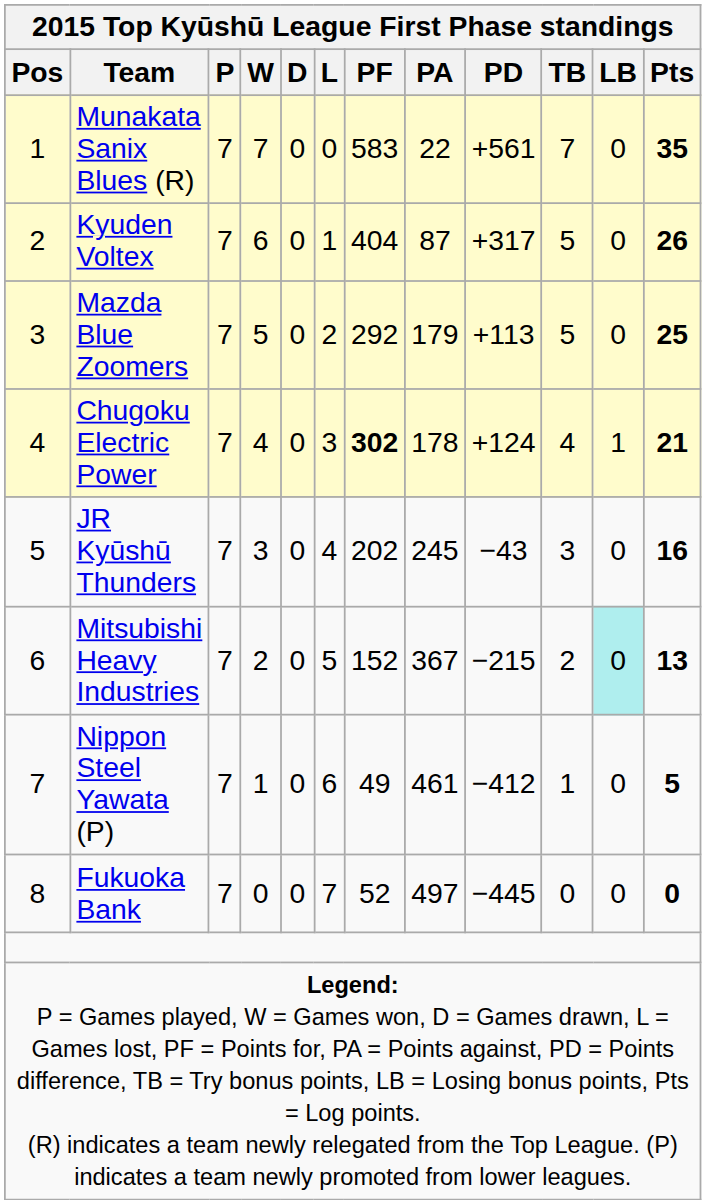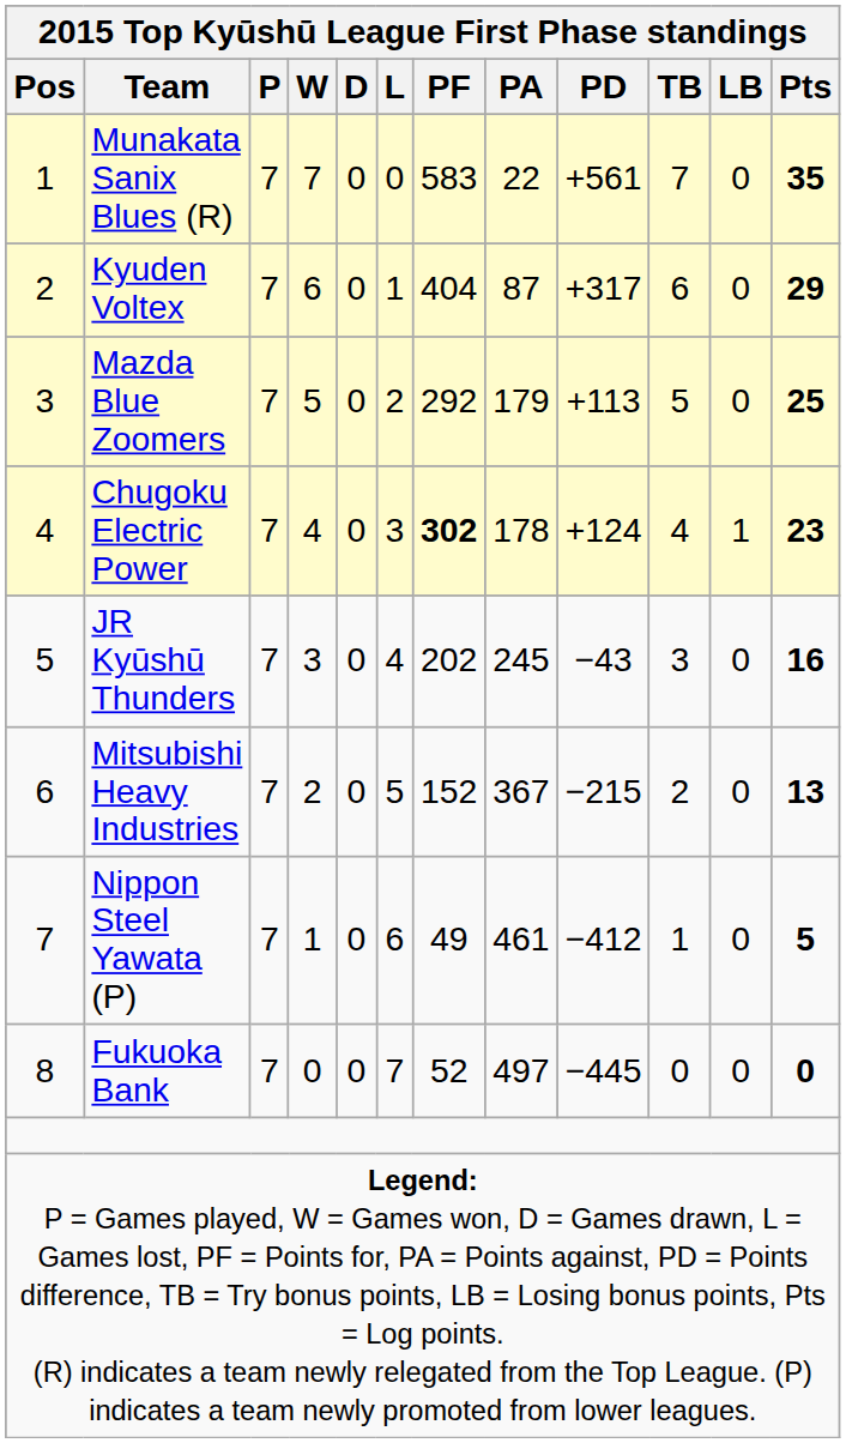 <table class="wikitable" style="text-align:center; font-size:100%; width:60%;">
 <tr>
 <th colspan="100%" cellpadding="0" cellspacing="0"><strong>2015 Top Kyūshū League First Phase standings</strong></th>
 </tr>
 <tr>
 <th style="width:6%;">Pos</th>
 <th style="width:34%;">Team</th>
 <th style="width:6%;">P</th>
 <th style="width:6%;">W</th>
 <th style="width:6%;">D</th>
 <th style="width:6%;">L</th>
 <th style="width:6%;">PF</th>
 <th style="width:6%;">PA</th>
 <th style="width:6%;">PD</th>
 <th style="width:6%;">TB</th>
 <th style="width:6%;">LB</th>
 <th style="width:6%;">Pts<br></th>
 </tr>
 <tr style="background:#FFFCCC;">
 <td>1</td>
 <td style="text-align:left;"><a href='#'>Munakata Sanix Blues</a> (R)</td>
 <td>7</td>
 <td>7</td>
 <td>0</td>
 <td>0</td>
 <td>583</td>
 <td>22</td>
 <td>+561</td>
 <td>7</td>
 <td>0</td>
 <td><strong>35</strong></td>
 </tr>
 <tr style="background:#FFFCCC;">
 <td>2</td>
 <td style="text-align:left;"><a href='#'>Kyuden Voltex</a></td>
 <td>7</td>
 <td>6</td>
 <td>0</td>
 <td>1</td>
 <td>404</td>
 <td>87</td>
 <td>+317</td>
-<td>5</td>
+<td>6</td>
 <td>0</td>
-<td><strong>26</strong></td>
+<td><strong>29</strong></td>
 </tr>
 <tr style="background:#FFFCCC;">
 <td>3</td>
 <td style="text-align:left;"><a href='#'>Mazda Blue Zoomers</a></td>
 <td>7</td>
 <td>5</td>
 <td>0</td>
 <td>2</td>
 <td>292</td>
 <td>179</td>
 <td>+113</td>
 <td>5</td>
 <td>0</td>
 <td><strong>25</strong></td>
 </tr>
 <tr style="background:#FFFCCC;">
 <td>4</td>
 <td style="text-align:left;"><a href='#'>Chugoku Electric Power</a></td>
 <td>7</td>
 <td>4</td>
 <td>0</td>
 <td>3</td>
 <td><strong>302</strong></td>
 <td>178</td>
 <td>+124</td>
 <td>4</td>
 <td>1</td>
-<td><strong>21</strong></td>
+<td><strong>23</strong></td>
 </tr>
 <tr>
 <td>5</td>
 <td style="text-align:left;"><a href='#'>JR Kyūshū Thunders</a></td>
 <td>7</td>
 <td>3</td>
 <td>0</td>
 <td>4</td>
 <td>202</td>
 <td>245</td>
 <td>−43</td>
 <td>3</td>
 <td>0</td>
 <td><strong>16</strong></td>
 </tr>
 <tr>
 <td>6</td>
 <td style="text-align:left;"><a href='#'>Mitsubishi Heavy Industries</a></td>
 <td>7</td>
 <td>2</td>
 <td>0</td>
 <td>5</td>
 <td>152</td>
 <td>367</td>
 <td>−215</td>
 <td>2</td>
-<td style="background: paleturquoise;">0</td>
+<td>0</td>
 <td><strong>13</strong></td>
 </tr>
 <tr>
 <td>7</td>
 <td style="text-align:left;"><a href='#'>Nippon Steel Yawata</a> (P)</td>
 <td>7</td>
 <td>1</td>
 <td>0</td>
 <td>6</td>
 <td>49</td>
 <td>461</td>
 <td>−412</td>
 <td>1</td>
 <td>0</td>
 <td><strong>5</strong></td>
 </tr>
 <tr>
 <td>8</td>
 <td style="text-align:left;"><a href='#'>Fukuoka Bank</a></td>
 <td>7</td>
 <td>0</td>
 <td>0</td>
 <td>7</td>
 <td>52</td>
 <td>497</td>
 <td>−445</td>
 <td>0</td>
 <td>0</td>
 <td><strong>0</strong></td>
 </tr>
 <tr>
 <td colspan="100%" style="height:10px;"></td>
 </tr>
 <tr>
 <td colspan="100%"><small><strong>Legend:</strong> <br> P = Games played, W = Games won, D = Games drawn, L = Games lost, PF = Points for, PA = Points against, PD = Points difference, TB = Try bonus points, LB = Losing bonus points, Pts = Log points. <br> (R) indicates a team newly relegated from the Top League. (P) indicates a team newly promoted from lower leagues.</small></td>
 </tr>
 </table>
